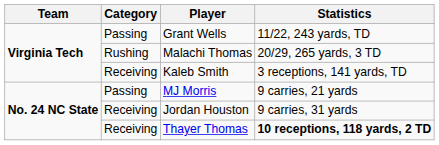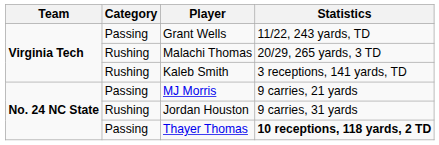 <table class="wikitable" style="float: right;">
 <tr>
 <th>Team</th>
 <th>Category</th>
 <th>Player</th>
 <th>Statistics</th>
 </tr>
 <tr>
 <td rowspan=3><strong>Virginia Tech</strong></td>
 <td>Passing</td>
 <td>Grant Wells</td>
 <td>11/22, 243 yards, TD</td>
 </tr>
 <tr>
 <td>Rushing</td>
 <td>Malachi Thomas</td>
 <td>20/29, 265 yards, 3 TD</td>
 </tr>
 <tr>
-<td>Receiving</td>
+<td>Rushing</td>
 <td>Kaleb Smith</td>
 <td>3 receptions, 141 yards, TD</td>
 </tr>
 <tr>
 <td rowspan=3><strong>No. 24 NC State</strong></td>
 <td>Passing</td>
 <td><a href='#'>MJ Morris</a></td>
 <td>9 carries, 21 yards</td>
 </tr>
 <tr>
-<td>Receiving</td>
+<td>Rushing</td>
 <td>Jordan Houston</td>
 <td>9 carries, 31 yards</td>
 </tr>
 <tr>
-<td>Receiving</td>
+<td>Passing</td>
 <td><a href='#'>Thayer Thomas</a></td>
 <td><strong>10 receptions, 118 yards, 2 TD</strong></td>
 </tr>
 </table>
